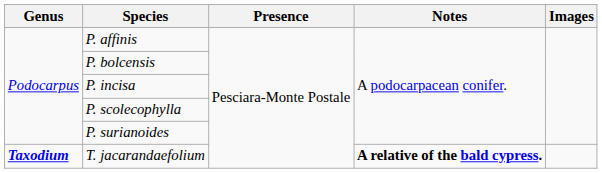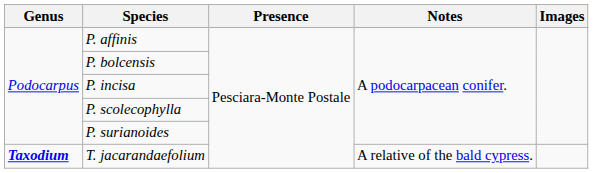 <table class="wikitable" align="center">
 <tr>
 <th>Genus</th>
 <th>Species</th>
 <th>Presence</th>
 <th>Notes</th>
 <th>Images</th>
 </tr>
 <tr>
 <td rowspan="5"><em><a href='#'>Podocarpus</a></em></td>
 <td><em>P. affinis</em></td>
 <td rowspan="6">Pesciara-Monte Postale</td>
 <td rowspan="5">A <a href='#'>podocarpacean</a> <a href='#'>conifer</a>.</td>
 <td rowspan="5"></td>
 </tr>
 <tr>
 <td><em>P. bolcensis</em></td>
 </tr>
 <tr>
 <td><em>P. incisa</em></td>
 </tr>
 <tr>
 <td><em>P. scolecophylla</em></td>
 </tr>
 <tr>
 <td><em>P. surianoides</em></td>
 </tr>
 <tr>
 <td><strong><em><a href='#'>Taxodium</a></em></strong></td>
 <td><em>T. jacarandaefolium</em></td>
-<td><strong>A relative of the <a href='#'>bald cypress</a>.</strong></td>
+<td>A relative of the <a href='#'>bald cypress</a>.</td>
 <td></td>
 </tr>
 </table>
